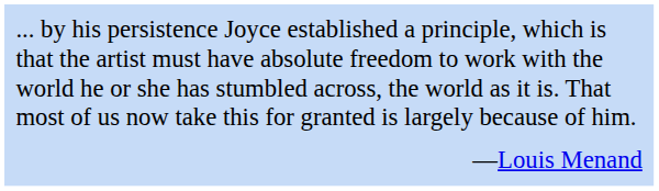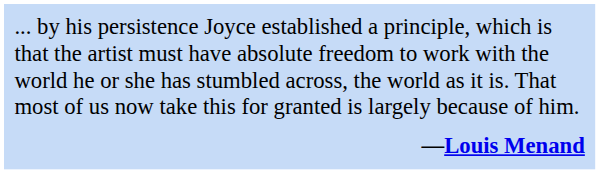 <table class="toccolours" style="float: right; margin-left: 1em; margin-right: 2em; font-size: 85%; background:#c6dbf7; color:black; width:30em; max-width: 40%;" cellspacing="5">
 <tr>
 <td style="text-align: left;">... by his persistence Joyce established a principle, which is that the artist must have absolute freedom to work with the world he or she has stumbled across, the world as it is. That most of us now take this for granted is largely because of him.</td>
 </tr>
 <tr>
-<td style="text-align: right;">—<a href='#'>Louis Menand</a></td>
+<td style="text-align: right;"><strong>—<a href='#'>Louis Menand</a></strong></td>
 </tr>
 </table>
